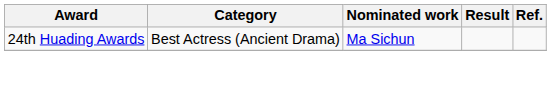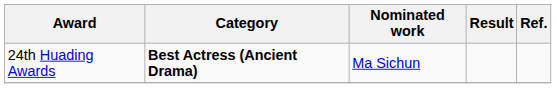 <table class="wikitable">
 <tr>
 <th>Award</th>
 <th>Category</th>
 <th>Nominated work</th>
 <th>Result</th>
 <th>Ref.</th>
 </tr>
 <tr>
 <td rowspan=1>24th <a href='#'>Huading Awards</a></td>
-<td>Best Actress (Ancient Drama)</td>
+<td><strong>Best Actress (Ancient Drama)</strong></td>
 <td><a href='#'>Ma Sichun</a></td>
 <td></td>
 <td rowspan=1></td>
 </tr>
 <tr>
 </tr>
 </table>
